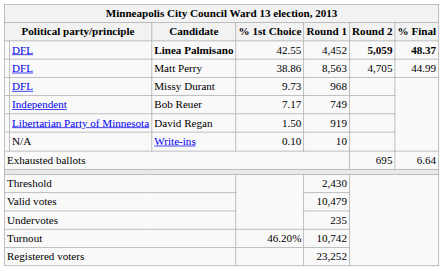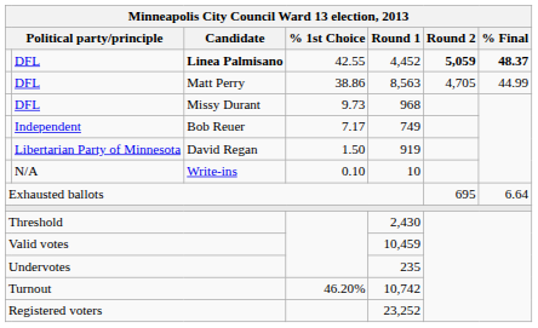 <table class="wikitable" style="font-size:95%">
 <tr>
 <th colspan="7">Minneapolis City Council Ward 13 election, 2013</th>
 </tr>
 <tr>
 <th colspan="2">Political party/principle</th>
 <th>Candidate</th>
 <th>% 1st Choice</th>
 <th>Round 1</th>
 <th>Round 2</th>
 <th>% Final</th>
 </tr>
 <tr>
 <td style="background-color:"></td>
 <td><a href='#'>DFL</a></td>
 <td><strong>Linea Palmisano</strong></td>
 <td align="right">42.55</td>
 <td align="right">4,452</td>
 <td align="right"><strong>5,059</strong></td>
 <td align="right"><strong>48.37</strong></td>
 </tr>
 <tr>
 <td style="background-color:"></td>
 <td><a href='#'>DFL</a></td>
 <td>Matt Perry</td>
 <td align="right">38.86</td>
 <td align="right">8,563</td>
 <td align="right">4,705</td>
 <td align="right">44.99</td>
 </tr>
 <tr>
 <td style="background-color:"></td>
 <td><a href='#'>DFL</a></td>
 <td>Missy Durant</td>
 <td align="right">9.73</td>
 <td align="right">968</td>
 <td align="right"></td>
 <td rowspan="4"></td>
 </tr>
 <tr>
 <td style="background-color:"></td>
 <td><a href='#'>Independent</a></td>
 <td>Bob Reuer</td>
 <td align="right">7.17</td>
 <td align="right">749</td>
 <td align="right"></td>
 </tr>
 <tr>
 <td style="background-color:"></td>
 <td><a href='#'>Libertarian Party of Minnesota</a></td>
 <td>David Regan</td>
 <td align="right">1.50</td>
 <td align="right">919</td>
 <td align="right"></td>
 </tr>
 <tr>
 <td style="background-color:"></td>
 <td>N/A</td>
 <td><a href='#'>Write-ins</a></td>
 <td align="right">0.10</td>
 <td align="right">10</td>
 <td align="right"></td>
 </tr>
 <tr>
 <td colspan="5">Exhausted ballots</td>
 <td align="right">695</td>
 <td align="right">6.64</td>
 </tr>
 <tr>
 <td colspan="7" style="background: #E9E9E9"></td>
 </tr>
 <tr>
 <td colspan="3">Threshold</td>
 <td rowspan="3"></td>
 <td align="right">2,430</td>
 </tr>
 <tr>
 <td colspan="3">Valid votes</td>
-<td align="right">10,479</td>
+<td align="right">10,459</td>
 </tr>
 <tr>
 <td colspan="3">Undervotes</td>
 <td align="right">235</td>
 </tr>
 <tr>
 <td colspan="3">Turnout</td>
 <td align="right">46.20%</td>
 <td align="right">10,742</td>
 </tr>
 <tr>
 <td colspan="3">Registered voters</td>
 <td></td>
 <td align="right">23,252</td>
 </tr>
 </table>
